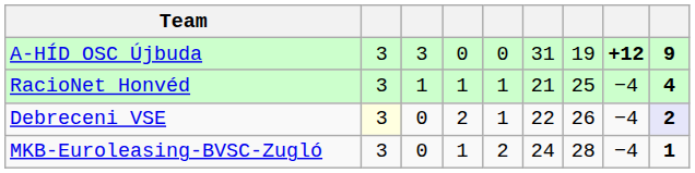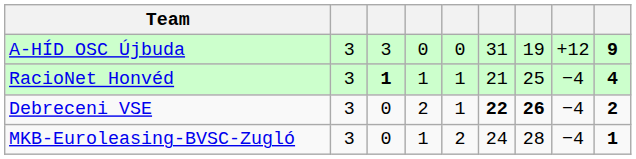 <table class="wikitable" style="text-align:center;">
 <tr>
 <th width=225>Team</th>
 <th width=20></th>
 <th width=20></th>
 <th width=20></th>
 <th width=20></th>
 <th width=20></th>
 <th width=20></th>
 <th width=20></th>
 <th width=20></th>
 </tr>
 <tr style="background:#cfc;">
 <td align="left"> <a href='#'>A-HÍD OSC Újbuda</a></td>
 <td>3</td>
 <td>3</td>
 <td>0</td>
 <td>0</td>
 <td>31</td>
 <td>19</td>
-<td><strong>+12</strong></td>
+<td>+12</td>
 <td><strong>9</strong></td>
 </tr>
 <tr style="background:#cfc;">
 <td align="left"> <a href='#'>RacioNet Honvéd</a></td>
 <td>3</td>
-<td>1</td>
+<td><strong>1</strong></td>
 <td>1</td>
 <td>1</td>
 <td>21</td>
 <td>25</td>
 <td>−4</td>
 <td><strong>4</strong></td>
 </tr>
 <tr>
 <td align="left"> <a href='#'>Debreceni VSE</a></td>
-<td style="background: lightyellow;">3</td>
+<td>3</td>
 <td>0</td>
 <td>2</td>
 <td>1</td>
-<td>22</td>
-<td>26</td>
+<td><strong>22</strong></td>
+<td><strong>26</strong></td>
 <td>−4</td>
-<td style="background: lavender;"><strong>2</strong></td>
+<td><strong>2</strong></td>
 </tr>
 <tr>
 <td align="left"> <a href='#'>MKB-Euroleasing-BVSC-Zugló</a></td>
 <td>3</td>
 <td>0</td>
 <td>1</td>
 <td>2</td>
 <td>24</td>
 <td>28</td>
 <td>−4</td>
 <td><strong>1</strong></td>
 </tr>
 </table>
